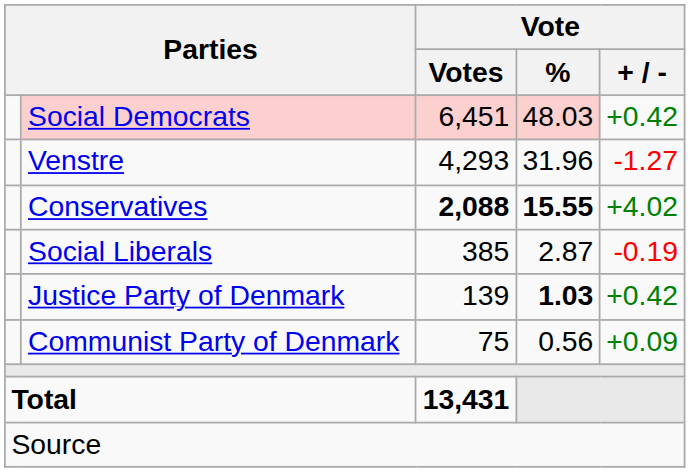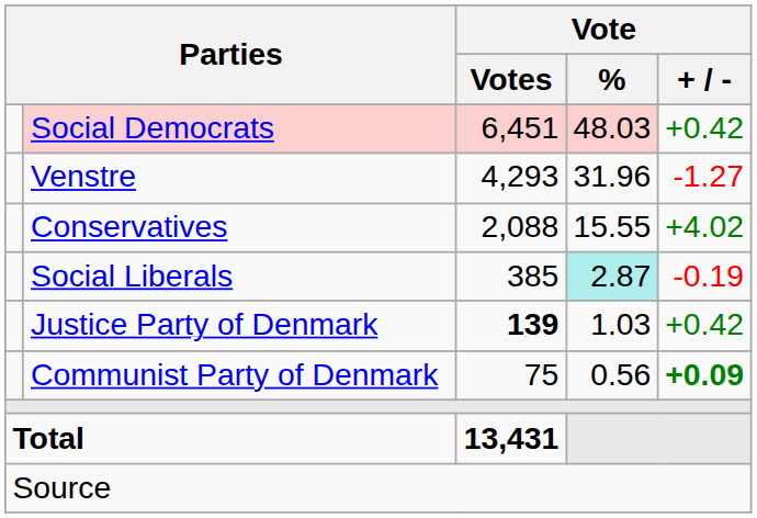 <table class="wikitable" style="text-align:right;">
 <tr>
 <th style="text-align:centre;" rowspan="2" colspan="2" width="225">Parties</th>
 <th colspan="3">Vote</th>
 </tr>
 <tr>
 <th width="15">Votes</th>
 <th width="15">%</th>
 <th width="15">+ / -</th>
 </tr>
 <tr>
 <td width="2" style="color:inherit;background:"></td>
 <td bgcolor=#fbd0ce  align="left"><a href='#'>Social Democrats</a></td>
 <td bgcolor=#fbd0ce>6,451</td>
 <td bgcolor=#fbd0ce>48.03</td>
 <td style=color:green;>+0.42</td>
 </tr>
 <tr>
 <td width="2" style="color:inherit;background:"></td>
 <td align="left"><a href='#'>Venstre</a></td>
 <td>4,293</td>
 <td>31.96</td>
 <td style=color:red;>-1.27</td>
 </tr>
 <tr>
 <td width="2" style="color:inherit;background:"></td>
 <td align="left"><a href='#'>Conservatives</a></td>
-<td><strong>2,088</strong></td>
-<td><strong>15.55</strong></td>
+<td>2,088</td>
+<td>15.55</td>
 <td style=color:green;>+4.02</td>
 </tr>
 <tr>
 <td width="2" style="color:inherit;background:"></td>
 <td align="left"><a href='#'>Social Liberals</a></td>
 <td>385</td>
-<td>2.87</td>
+<td style="background: paleturquoise;">2.87</td>
 <td style=color:red;>-0.19</td>
 </tr>
 <tr>
 <td width="2" style="color:inherit;background:"></td>
 <td align="left"><a href='#'>Justice Party of Denmark</a></td>
-<td>139</td>
-<td><strong>1.03</strong></td>
+<td><strong>139</strong></td>
+<td>1.03</td>
 <td style=color:green;>+0.42</td>
 </tr>
 <tr>
 <td width="2" style="color:inherit;background:"></td>
 <td align="left"><a href='#'>Communist Party of Denmark</a></td>
 <td>75</td>
 <td>0.56</td>
-<td style=color:green;>+0.09</td>
+<td style=color:green;><strong>+0.09</strong></td>
 </tr>
 <tr>
 <td colspan="7" bgcolor="#E9E9E9"></td>
 </tr>
 <tr>
 <td align="left" colspan="2"><strong>Total</strong></td>
 <td><strong>13,431</strong></td>
 <td bgcolor="#E9E9E9" colspan="2"></td>
 </tr>
 <tr>
 <td align="left" colspan="6">Source</td>
 </tr>
 </table>
